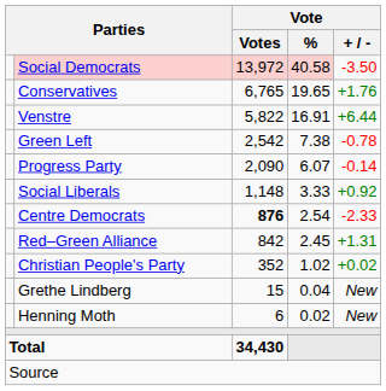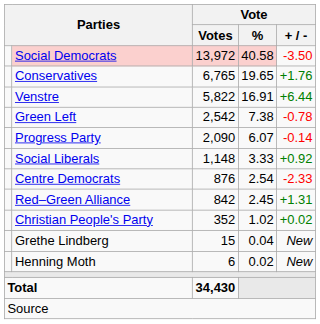 <table class="wikitable" style="text-align:right;">
 <tr>
 <th style="text-align:centre;" rowspan="2" colspan="2" width="225">Parties</th>
 <th colspan="3">Vote</th>
 </tr>
 <tr>
 <th width="15">Votes</th>
 <th width="15">%</th>
 <th width="15">+ / -</th>
 </tr>
 <tr>
 <td width="2" style="color:inherit;background:"></td>
 <td bgcolor=#fbd0ce  align="left"><a href='#'>Social Democrats</a></td>
 <td bgcolor=#fbd0ce>13,972</td>
 <td bgcolor=#fbd0ce>40.58</td>
 <td style=color:red;>-3.50</td>
 </tr>
 <tr>
 <td width="2" style="color:inherit;background:"></td>
 <td align="left"><a href='#'>Conservatives</a></td>
 <td>6,765</td>
 <td>19.65</td>
 <td style=color:green;>+1.76</td>
 </tr>
 <tr>
 <td width="2" style="color:inherit;background:"></td>
 <td align="left"><a href='#'>Venstre</a></td>
 <td>5,822</td>
 <td>16.91</td>
 <td style=color:green;>+6.44</td>
 </tr>
 <tr>
 <td width="2" style="color:inherit;background:"></td>
 <td align="left"><a href='#'>Green Left</a></td>
 <td>2,542</td>
 <td>7.38</td>
 <td style=color:red;>-0.78</td>
 </tr>
 <tr>
 <td width="2" style="color:inherit;background:"></td>
 <td align="left"><a href='#'>Progress Party</a></td>
 <td>2,090</td>
 <td>6.07</td>
 <td style=color:red;>-0.14</td>
 </tr>
 <tr>
 <td width="2" style="color:inherit;background:"></td>
 <td align="left"><a href='#'>Social Liberals</a></td>
 <td>1,148</td>
 <td>3.33</td>
 <td style=color:green;>+0.92</td>
 </tr>
 <tr>
 <td width="2" style="color:inherit;background:"></td>
 <td align="left"><a href='#'>Centre Democrats</a></td>
-<td><strong>876</strong></td>
+<td>876</td>
 <td>2.54</td>
 <td style=color:red;>-2.33</td>
 </tr>
 <tr>
 <td width="2" style="color:inherit;background:"></td>
 <td align="left"><a href='#'>Red–Green Alliance</a></td>
 <td>842</td>
 <td>2.45</td>
 <td style=color:green;>+1.31</td>
 </tr>
 <tr>
 <td width="2" style="color:inherit;background:"></td>
 <td align="left"><a href='#'>Christian People's Party</a></td>
 <td>352</td>
 <td>1.02</td>
 <td style=color:green;>+0.02</td>
 </tr>
 <tr>
 <td width="2" style="color:inherit;background:"></td>
 <td align="left">Grethe Lindberg</td>
 <td>15</td>
 <td>0.04</td>
 <td><em>New</em></td>
 </tr>
 <tr>
 <td width="2" style="color:inherit;background:"></td>
 <td align="left">Henning Moth</td>
 <td>6</td>
 <td>0.02</td>
 <td><em>New</em></td>
 </tr>
 <tr>
 <td colspan="7" bgcolor="#E9E9E9"></td>
 </tr>
 <tr>
 <td align="left" colspan="2"><strong>Total</strong></td>
 <td><strong>34,430</strong></td>
 <td bgcolor="#E9E9E9" colspan="2"></td>
 </tr>
 <tr>
 <td align="left" colspan="6">Source</td>
 </tr>
 </table>
